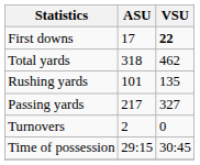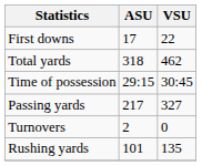 <table class="wikitable">
 <tr>
 <th>Statistics</th>
 <th>ASU</th>
 <th>VSU</th>
 </tr>
 <tr>
 <td>First downs</td>
 <td>17</td>
-<td><strong>22</strong></td>
+<td>22</td>
 </tr>
 <tr>
 <td>Total yards</td>
 <td>318</td>
 <td>462</td>
 </tr>
 <tr>
-<td>Rushing yards</td>
-<td>101</td>
-<td>135</td>
+<td>Time of possession</td>
+<td>29:15</td>
+<td>30:45</td>
 </tr>
 <tr>
 <td>Passing yards</td>
 <td>217</td>
 <td>327</td>
 </tr>
 <tr>
 <td>Turnovers</td>
 <td>2</td>
 <td>0</td>
 </tr>
 <tr>
-<td>Time of possession</td>
-<td>29:15</td>
-<td>30:45</td>
+<td>Rushing yards</td>
+<td>101</td>
+<td>135</td>
 </tr>
 <tr>
 </tr>
 </table>
